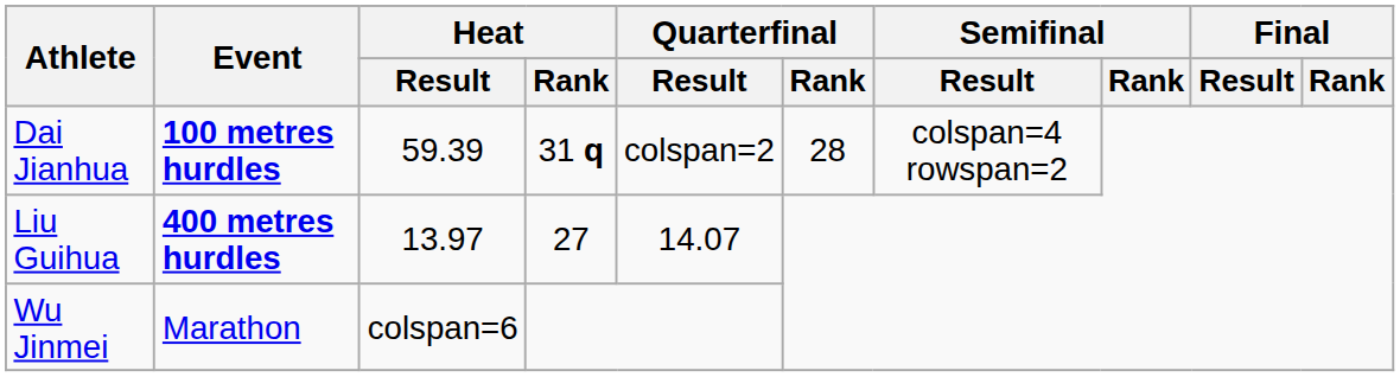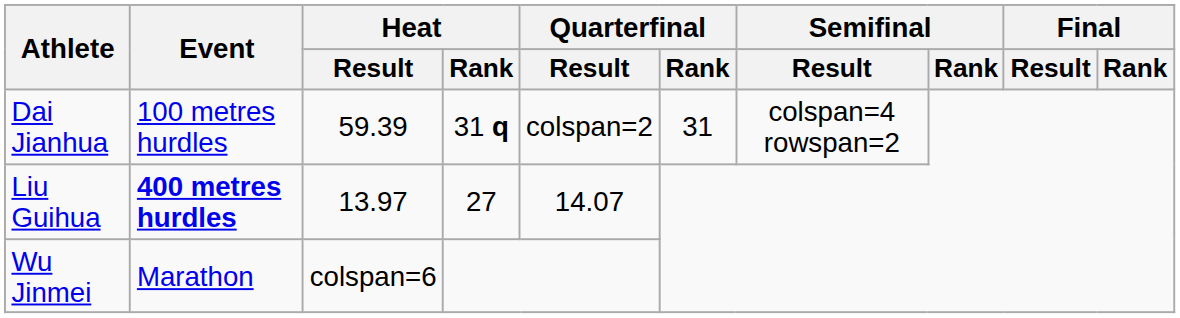 <table class=wikitable style=font-size:90%>
 <tr>
 <th rowspan=2>Athlete</th>
 <th rowspan=2>Event</th>
 <th colspan=2>Heat</th>
 <th colspan=2>Quarterfinal</th>
 <th colspan=2>Semifinal</th>
 <th colspan=2>Final</th>
 </tr>
 <tr style=font-size:95%>
 <th>Result</th>
 <th>Rank</th>
 <th>Result</th>
 <th>Rank</th>
 <th>Result</th>
 <th>Rank</th>
 <th>Result</th>
 <th>Rank</th>
 </tr>
 <tr align=center>
 <td align=left><a href='#'>Dai Jianhua</a></td>
-<td align=left><strong><a href='#'>100 metres hurdles</a></strong></td>
+<td align=left><a href='#'>100 metres hurdles</a></td>
 <td>59.39</td>
 <td>31 <strong>q</strong></td>
 <td>colspan=2 </td>
-<td>28</td>
+<td>31</td>
 <td>colspan=4 rowspan=2 </td>
 </tr>
 <tr align=center>
 <td align=left><a href='#'>Liu Guihua</a></td>
 <td align=left><strong><a href='#'>400 metres hurdles</a></strong></td>
 <td>13.97</td>
 <td>27</td>
 <td>14.07</td>
 </tr>
 <tr align=center>
 <td align=left><a href='#'>Wu Jinmei</a></td>
 <td align=left><a href='#'>Marathon</a></td>
 <td>colspan=6 </td>
 <td colspan=2></td>
 </tr>
 </table>
